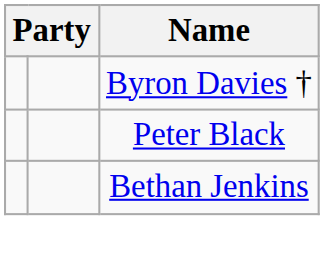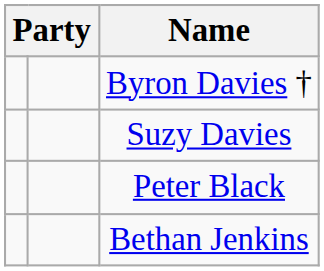 <table class="wikitable" style="text-align:center">
 <tr>
 <th colspan="2">Party</th>
 <th>Name</th>
 </tr>
 <tr>
 <td style="width: 4px"></td>
 <td style="text-align: left;" scope="row"><a href='#'></a></td>
 <td><a href='#'>Byron Davies</a> †</td>
 </tr>
 <tr>
 <td style="width: 4px"></td>
 <td style="text-align: left;" scope="row"><a href='#'></a></td>
+<td><a href='#'>Suzy Davies</a></td>
+</tr>
+<tr>
+<td style="width: 4px"></td>
+<td style="text-align: left;" scope="row"><a href='#'></a></td>
 <td><a href='#'>Peter Black</a></td>
 </tr>
 <tr>
 <td style="width: 4px" bgcolor=></td>
 <td style="text-align: left;" scope="row"><a href='#'></a></td>
 <td><a href='#'>Bethan Jenkins</a></td>
 </tr>
 </table>
